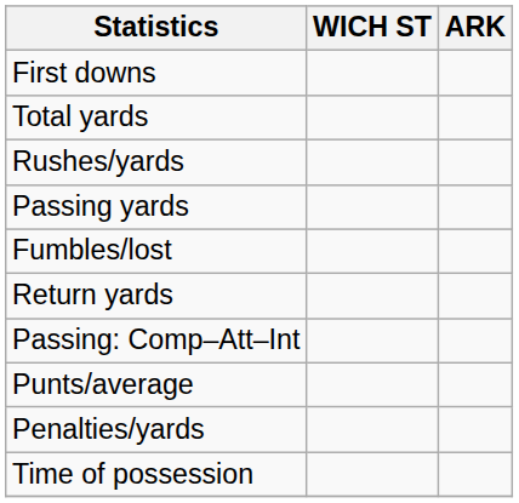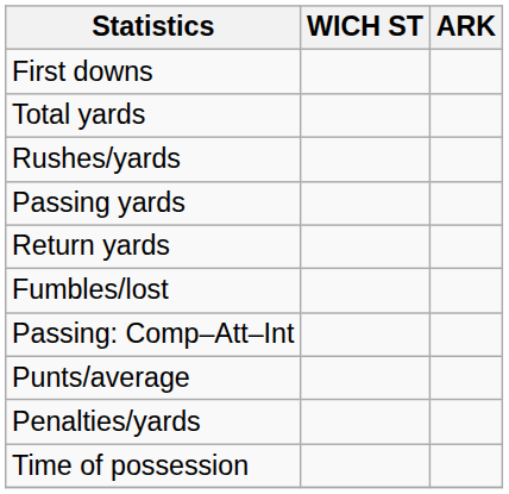 <table class="wikitable" style="float: left;">
 <tr>
 <th>Statistics</th>
 <th>WICH ST</th>
 <th>ARK</th>
 </tr>
 <tr>
 <td>First downs</td>
 <td></td>
 <td></td>
 </tr>
 <tr>
 <td>Total yards</td>
 <td></td>
 <td></td>
 </tr>
 <tr>
 <td>Rushes/yards</td>
 <td></td>
 <td></td>
 </tr>
 <tr>
 <td>Passing yards</td>
 <td></td>
 <td></td>
 </tr>
 <tr>
-<td>Fumbles/lost</td>
+<td>Return yards</td>
 <td></td>
 <td></td>
 </tr>
 <tr>
-<td>Return yards</td>
+<td>Fumbles/lost</td>
 <td></td>
 <td></td>
 </tr>
 <tr>
 <td>Passing: Comp–Att–Int</td>
 <td></td>
 <td></td>
 </tr>
 <tr>
 <td>Punts/average</td>
 <td></td>
 <td></td>
 </tr>
 <tr>
 <td>Penalties/yards</td>
 <td></td>
 <td></td>
 </tr>
 <tr>
 <td>Time of possession</td>
 <td></td>
 <td></td>
 </tr>
 <tr>
 </tr>
 </table>
